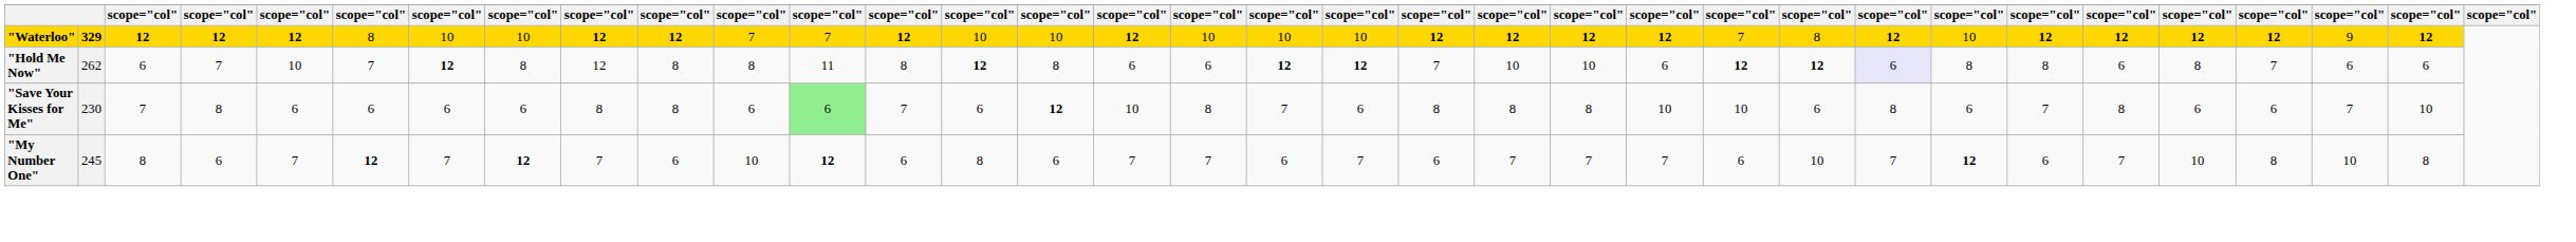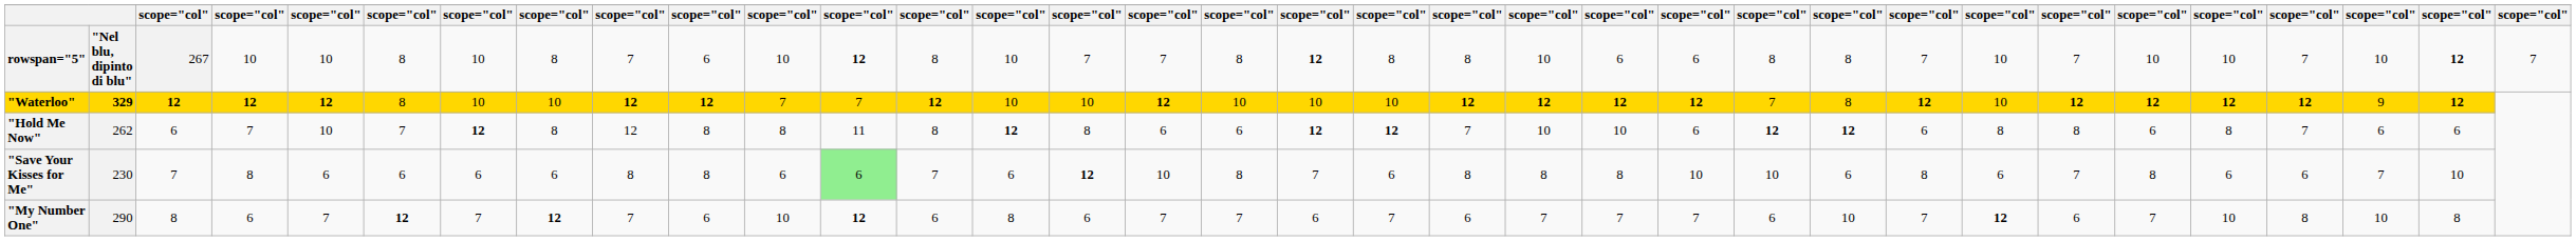 <table class="wikitable plainrowheaders" style="text-align:center;">
 <tr>
 </tr>
 <tr>
 <td colspan="2" style="text-align:left; background:#F2F2F2"></td>
 <th>scope="col" </th>
 <th>scope="col" </th>
 <th>scope="col" </th>
 <th>scope="col" </th>
 <th>scope="col" </th>
 <th>scope="col" </th>
 <th>scope="col" </th>
 <th>scope="col" </th>
 <th>scope="col" </th>
 <th>scope="col" </th>
 <th>scope="col" </th>
 <th>scope="col" </th>
 <th>scope="col" </th>
 <th>scope="col" </th>
 <th>scope="col" </th>
 <th>scope="col" </th>
 <th>scope="col" </th>
 <th>scope="col" </th>
 <th>scope="col" </th>
 <th>scope="col" </th>
 <th>scope="col" </th>
 <th>scope="col" </th>
 <th>scope="col" </th>
 <th>scope="col" </th>
 <th>scope="col" </th>
 <th>scope="col" </th>
 <th>scope="col" </th>
 <th>scope="col" </th>
 <th>scope="col" </th>
 <th>scope="col" </th>
 <th>scope="col" </th>
 <th>scope="col" </th>
+</tr>
+<tr>
+<th>rowspan="5" </th>
+<th scope="row" style="text-align:left; background:#f2f2f2;">"Nel blu, dipinto di blu"</th>
+<td style="text-align:right; background:#f2f2f2;">267</td>
+<td>10</td>
+<td>10</td>
+<td>8</td>
+<td>10</td>
+<td>8</td>
+<td>7</td>
+<td>6</td>
+<td>10</td>
+<td><strong>12</strong></td>
+<td>8</td>
+<td>10</td>
+<td>7</td>
+<td>7</td>
+<td>8</td>
+<td><strong>12</strong></td>
+<td>8</td>
+<td>8</td>
+<td>10</td>
+<td>6</td>
+<td>6</td>
+<td>8</td>
+<td>8</td>
+<td>7</td>
+<td>10</td>
+<td>7</td>
+<td>10</td>
+<td>10</td>
+<td>7</td>
+<td>10</td>
+<td><strong>12</strong></td>
+<td>7</td>
 </tr>
 <tr style="background:gold;">
 <th scope="row" style="text-align:left; font-weight:bold; background:gold;">"Waterloo"</th>
 <td style="text-align:right; font-weight:bold;">329</td>
 <td><strong>12</strong></td>
 <td><strong>12</strong></td>
 <td><strong>12</strong></td>
 <td>8</td>
 <td>10</td>
 <td>10</td>
 <td><strong>12</strong></td>
 <td><strong>12</strong></td>
 <td>7</td>
 <td>7</td>
 <td><strong>12</strong></td>
 <td>10</td>
 <td>10</td>
 <td><strong>12</strong></td>
 <td>10</td>
 <td>10</td>
 <td>10</td>
 <td><strong>12</strong></td>
 <td><strong>12</strong></td>
 <td><strong>12</strong></td>
 <td><strong>12</strong></td>
 <td>7</td>
 <td>8</td>
 <td><strong>12</strong></td>
 <td>10</td>
 <td><strong>12</strong></td>
 <td><strong>12</strong></td>
 <td><strong>12</strong></td>
 <td><strong>12</strong></td>
 <td>9</td>
 <td><strong>12</strong></td>
 </tr>
 <tr>
 <th scope="row" style="text-align:left; background:#f2f2f2;">"Hold Me Now"</th>
 <td style="text-align:right; background:#f2f2f2;">262</td>
 <td>6</td>
 <td>7</td>
 <td>10</td>
 <td>7</td>
 <td><strong>12</strong></td>
 <td>8</td>
 <td>12</td>
 <td>8</td>
 <td>8</td>
 <td>11</td>
 <td>8</td>
 <td><strong>12</strong></td>
 <td>8</td>
 <td>6</td>
 <td>6</td>
 <td><strong>12</strong></td>
 <td><strong>12</strong></td>
 <td>7</td>
 <td>10</td>
 <td>10</td>
 <td>6</td>
 <td><strong>12</strong></td>
 <td><strong>12</strong></td>
-<td style="background: lavender;">6</td>
+<td>6</td>
 <td>8</td>
 <td>8</td>
 <td>6</td>
 <td>8</td>
 <td>7</td>
 <td>6</td>
 <td>6</td>
 </tr>
 <tr>
 <th scope="row" style="text-align:left; background:#f2f2f2;">"Save Your Kisses for Me"</th>
 <td style="text-align:right; background:#f2f2f2;">230</td>
 <td>7</td>
 <td>8</td>
 <td>6</td>
 <td>6</td>
 <td>6</td>
 <td>6</td>
 <td>8</td>
 <td>8</td>
 <td>6</td>
 <td style="background: lightgreen;">6</td>
 <td>7</td>
 <td>6</td>
 <td><strong>12</strong></td>
 <td>10</td>
 <td>8</td>
 <td>7</td>
 <td>6</td>
 <td>8</td>
 <td>8</td>
 <td>8</td>
 <td>10</td>
 <td>10</td>
 <td>6</td>
 <td>8</td>
 <td>6</td>
 <td>7</td>
 <td>8</td>
 <td>6</td>
 <td>6</td>
 <td>7</td>
 <td>10</td>
 </tr>
 <tr>
 <th scope="row" style="text-align:left; background:#f2f2f2;">"My Number One"</th>
-<td style="text-align:right; background:#f2f2f2;">245</td>
+<td style="text-align:right; background:#f2f2f2;">290</td>
 <td>8</td>
 <td>6</td>
 <td>7</td>
 <td><strong>12</strong></td>
 <td>7</td>
 <td><strong>12</strong></td>
 <td>7</td>
 <td>6</td>
 <td>10</td>
 <td><strong>12</strong></td>
 <td>6</td>
 <td>8</td>
 <td>6</td>
 <td>7</td>
 <td>7</td>
 <td>6</td>
 <td>7</td>
 <td>6</td>
 <td>7</td>
 <td>7</td>
 <td>7</td>
 <td>6</td>
 <td>10</td>
 <td>7</td>
 <td><strong>12</strong></td>
 <td>6</td>
 <td>7</td>
 <td>10</td>
 <td>8</td>
 <td>10</td>
 <td>8</td>
 </tr>
 </table>
